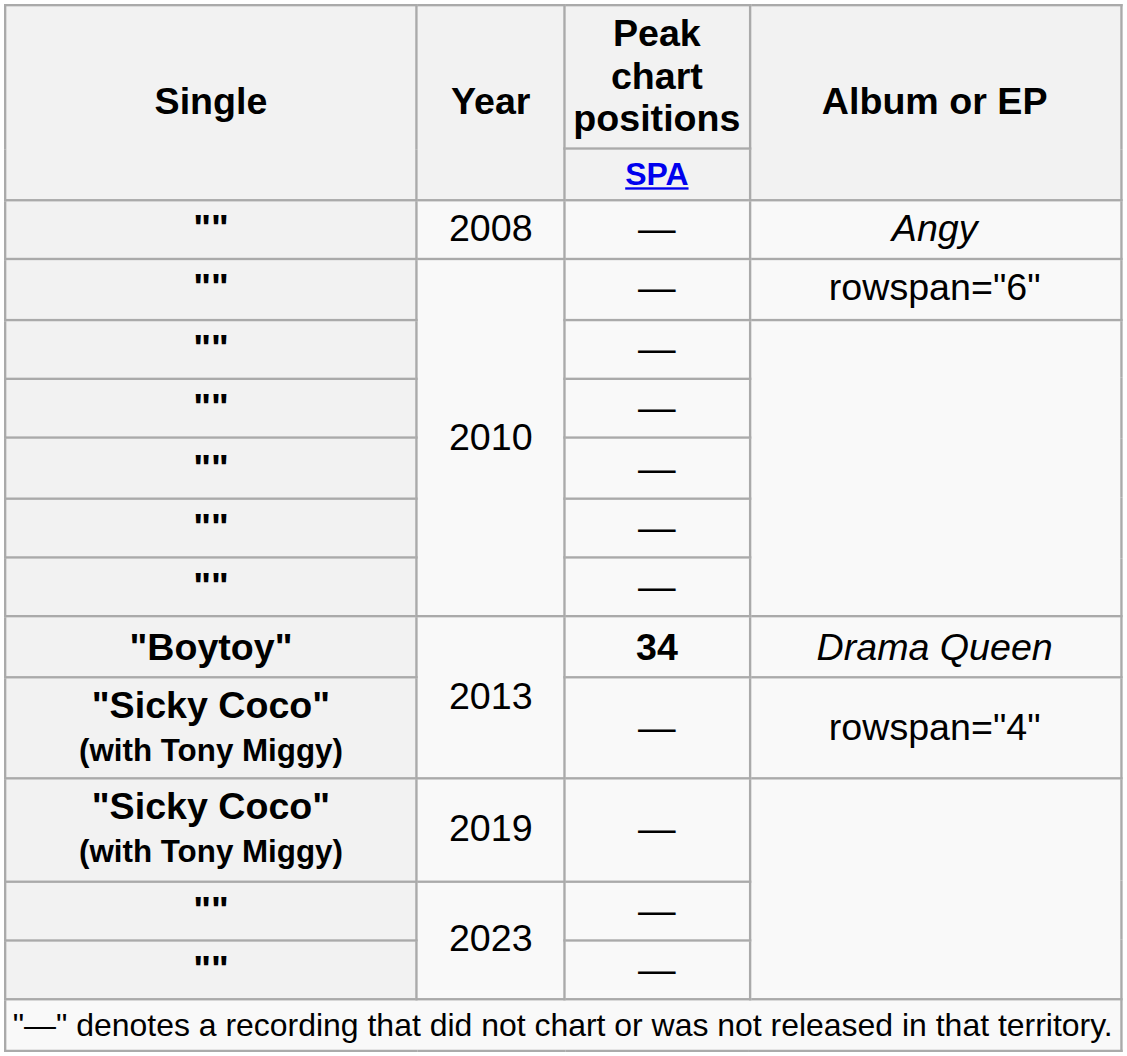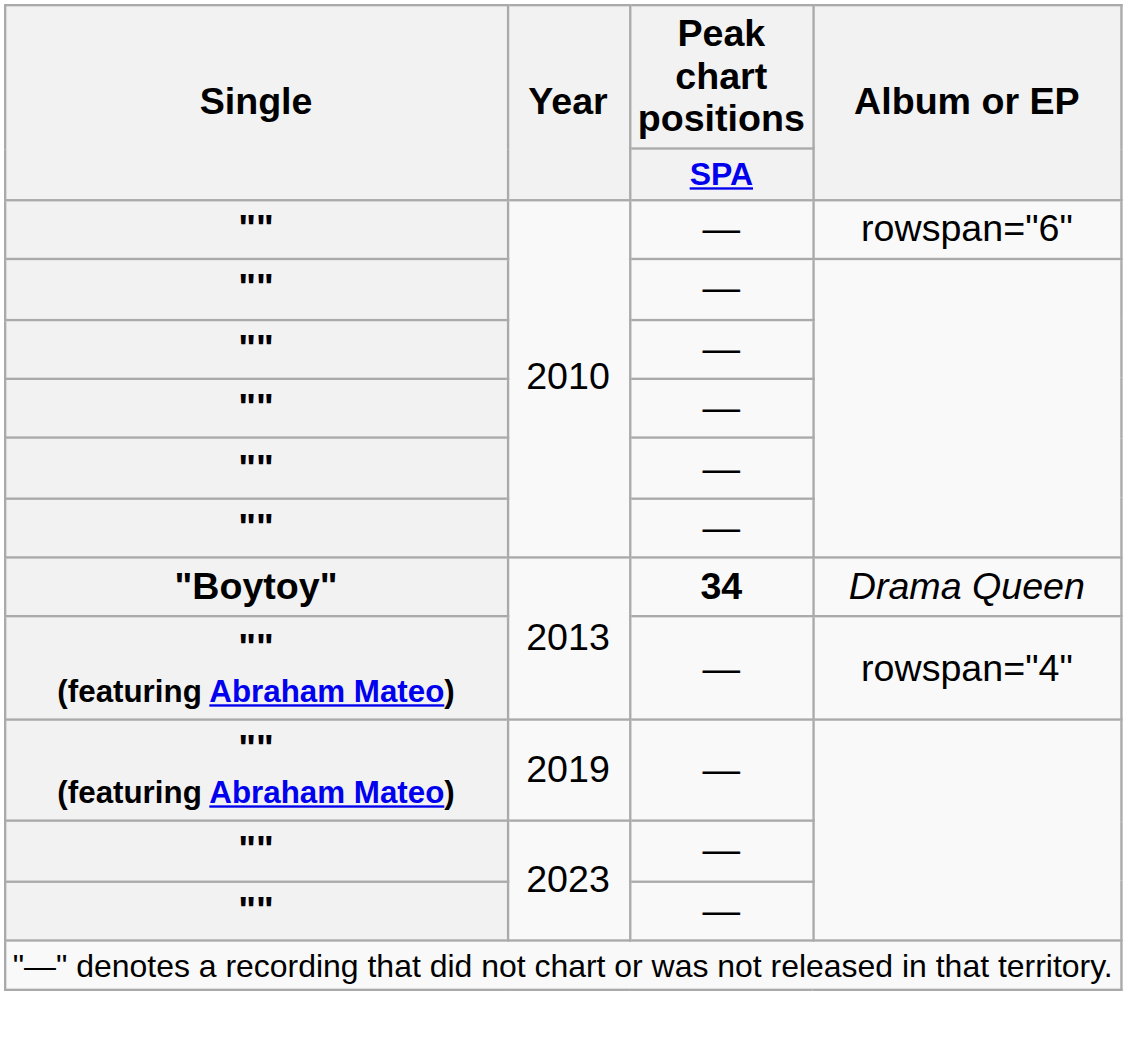 <table class="wikitable plainrowheaders" style="text-align:center;">
 <tr>
 <th scope="col" rowspan="2">Single</th>
 <th scope="col" rowspan="2">Year</th>
 <th scope="col" colspan="1">Peak chart positions</th>
 <th scope="col" rowspan="2">Album or EP</th>
 </tr>
 <tr>
 <th scope="col" style="width:3em;font-size:85%;"><a href='#'>SPA</a><br></th>
-</tr>
-<tr>
-<th scope="row">""</th>
-<td>2008</td>
-<td>—</td>
-<td><em>Angy</em></td>
 </tr>
 <tr>
 <th scope="row">""</th>
 <td rowspan="6">2010</td>
 <td>—</td>
 <td>rowspan="6" </td>
 </tr>
 <tr>
 <th scope="row">""</th>
 <td>—</td>
 </tr>
 <tr>
 <th scope="row">""</th>
 <td>—</td>
 </tr>
 <tr>
 <th scope="row">""</th>
 <td>—</td>
 </tr>
 <tr>
 <th scope="row">""</th>
 <td>—</td>
 </tr>
 <tr>
 <th scope="row">""</th>
 <td>—</td>
 </tr>
 <tr>
 <th scope="row">"Boytoy"</th>
 <td rowspan="2">2013</td>
 <td><strong>34</strong></td>
 <td><em>Drama Queen</em></td>
 </tr>
 <tr>
-<th scope="row">"Sicky Coco"<br><small>(with Tony Miggy)</small></th>
+<th scope="row">""<br><small>(featuring <a href='#'>Abraham Mateo</a>)</small></th>
 <td>—</td>
 <td>rowspan="4" </td>
 </tr>
 <tr>
-<th scope="row">"Sicky Coco"<br><small>(with Tony Miggy)</small></th>
+<th scope="row">""<br><small>(featuring <a href='#'>Abraham Mateo</a>)</small></th>
 <td>2019</td>
 <td>—</td>
 </tr>
 <tr>
 <th scope="row">""</th>
 <td rowspan="2">2023</td>
 <td>—</td>
 </tr>
 <tr>
 <th scope="row">""</th>
 <td>—</td>
 </tr>
 <tr>
 <td colspan="4" style="font-size:85%">"—" denotes a recording that did not chart or was not released in that territory.</td>
 </tr>
 </table>
